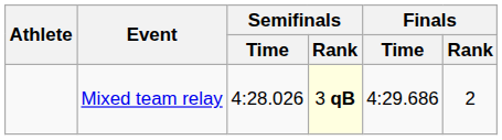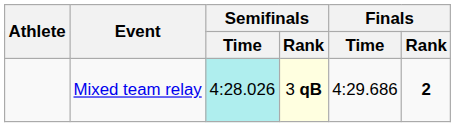 <table class="wikitable" style="font-size:90%;">
 <tr>
 <th rowspan=2>Athlete</th>
 <th rowspan=2>Event</th>
 <th colspan=2>Semifinals</th>
 <th colspan=2>Finals</th>
 </tr>
 <tr>
 <th>Time</th>
 <th>Rank</th>
 <th>Time</th>
 <th>Rank</th>
 </tr>
 <tr>
 <td rowspan=2><br><br><strong></strong><br><strong></strong></td>
 <td><a href='#'>Mixed team relay</a></td>
-<td align=center>4:28.026</td>
+<td align=center style="background: paleturquoise;">4:28.026</td>
 <td align=center style="background: lightyellow;">3 <strong>qB</strong></td>
 <td align=center>4:29.686</td>
-<td align=center>2</td>
+<td align=center><strong>2</strong></td>
 </tr>
 </table>
